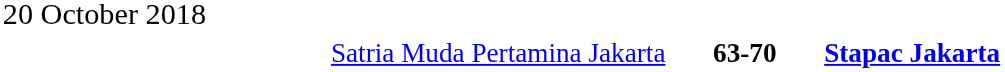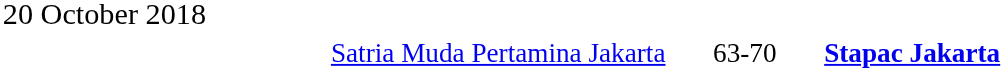 <table cellspacing="1" style="width:100%;">
 <tr>
 <td>20 October 2018</td>
 </tr>
 <tr style="font-size:90%">
 <td align="right"><a href='#'>Satria Muda Pertamina Jakarta</a></td>
 <td></td>
-<td align="center"><strong>63-70</strong></td>
+<td align="center">63-70</td>
 <td></td>
 <td><a href='#'><strong>Stapac Jakarta</strong></a></td>
 </tr>
 </table>
